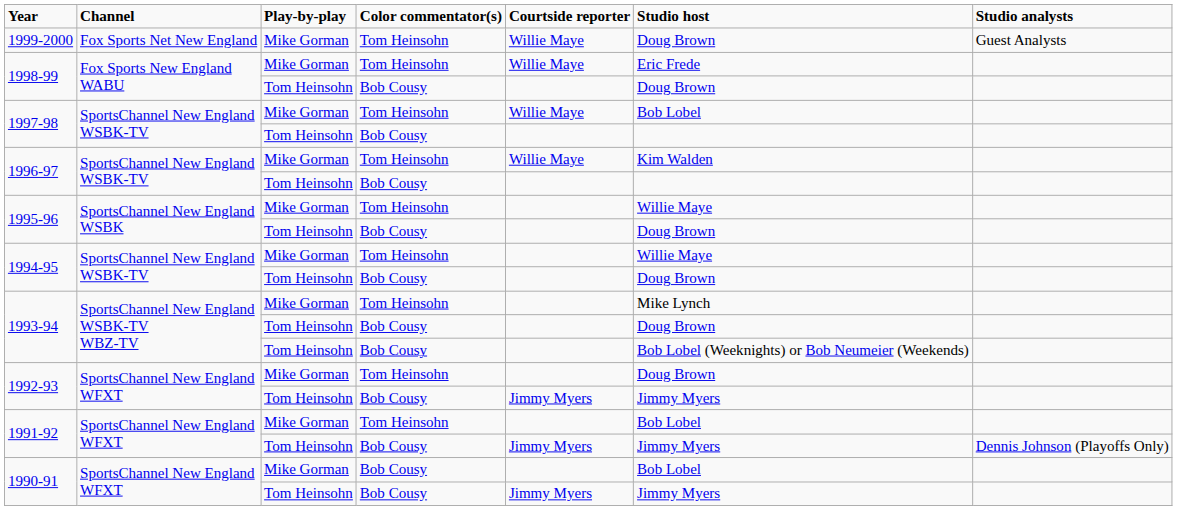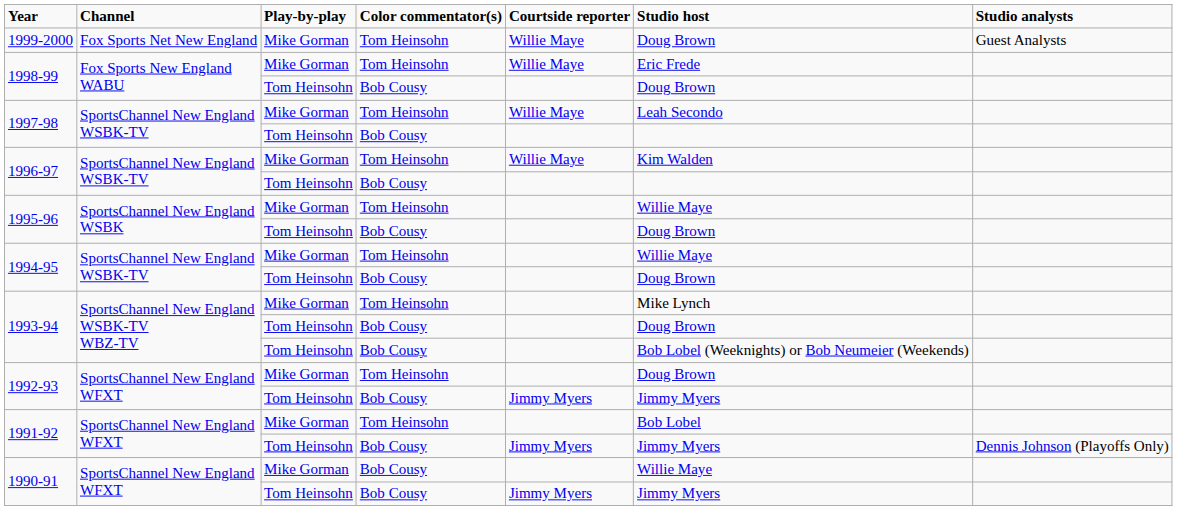 <table class="wikitable">
 <tr>
 <td><strong>Year</strong></td>
 <td><strong>Channel</strong></td>
 <td><strong>Play-by-play</strong></td>
 <td><strong>Color commentator(s)</strong></td>
 <td><strong>Courtside reporter</strong></td>
 <td><strong>Studio host</strong></td>
 <td><strong>Studio analysts</strong></td>
 </tr>
 <tr>
 <td><a href='#'>1999-2000</a></td>
 <td><a href='#'>Fox Sports Net New England</a></td>
 <td><a href='#'>Mike Gorman</a></td>
 <td><a href='#'>Tom Heinsohn</a></td>
 <td><a href='#'>Willie Maye</a></td>
 <td><a href='#'>Doug Brown</a></td>
 <td>Guest Analysts</td>
 </tr>
 <tr>
 <td rowspan=2><a href='#'>1998-99</a></td>
 <td rowspan=2><a href='#'>Fox Sports New England</a><br><a href='#'>WABU</a></td>
 <td><a href='#'>Mike Gorman</a></td>
 <td><a href='#'>Tom Heinsohn</a></td>
 <td><a href='#'>Willie Maye</a></td>
 <td><a href='#'>Eric Frede</a></td>
 <td></td>
 </tr>
 <tr>
 <td><a href='#'>Tom Heinsohn</a></td>
 <td><a href='#'>Bob Cousy</a></td>
 <td></td>
 <td><a href='#'>Doug Brown</a></td>
 <td></td>
 </tr>
 <tr>
 <td rowspan=2><a href='#'>1997-98</a></td>
 <td rowspan=2><a href='#'>SportsChannel New England</a><br><a href='#'>WSBK-TV</a></td>
 <td><a href='#'>Mike Gorman</a></td>
 <td><a href='#'>Tom Heinsohn</a></td>
 <td><a href='#'>Willie Maye</a></td>
-<td><a href='#'>Bob Lobel</a></td>
+<td><a href='#'>Leah Secondo</a></td>
 <td></td>
 </tr>
 <tr>
 <td><a href='#'>Tom Heinsohn</a></td>
 <td><a href='#'>Bob Cousy</a></td>
 <td></td>
 <td></td>
 <td></td>
 </tr>
 <tr>
 <td rowspan=2><a href='#'>1996-97</a></td>
 <td rowspan=2><a href='#'>SportsChannel New England</a><br><a href='#'>WSBK-TV</a></td>
 <td><a href='#'>Mike Gorman</a></td>
 <td><a href='#'>Tom Heinsohn</a></td>
 <td><a href='#'>Willie Maye</a></td>
 <td><a href='#'>Kim Walden</a></td>
 <td></td>
 </tr>
 <tr>
 <td><a href='#'>Tom Heinsohn</a></td>
 <td><a href='#'>Bob Cousy</a></td>
 <td></td>
 <td></td>
 <td></td>
 </tr>
 <tr>
 <td rowspan=2><a href='#'>1995-96</a></td>
 <td rowspan=2><a href='#'>SportsChannel New England</a><br><a href='#'>WSBK</a></td>
 <td><a href='#'>Mike Gorman</a></td>
 <td><a href='#'>Tom Heinsohn</a></td>
 <td></td>
 <td><a href='#'>Willie Maye</a></td>
 <td></td>
 </tr>
 <tr>
 <td><a href='#'>Tom Heinsohn</a></td>
 <td><a href='#'>Bob Cousy</a></td>
 <td></td>
 <td><a href='#'>Doug Brown</a></td>
 <td></td>
 </tr>
 <tr>
 <td rowspan=2><a href='#'>1994-95</a></td>
 <td rowspan=2><a href='#'>SportsChannel New England</a><br><a href='#'>WSBK-TV</a></td>
 <td><a href='#'>Mike Gorman</a></td>
 <td><a href='#'>Tom Heinsohn</a></td>
 <td></td>
 <td><a href='#'>Willie Maye</a></td>
 <td></td>
 </tr>
 <tr>
 <td><a href='#'>Tom Heinsohn</a></td>
 <td><a href='#'>Bob Cousy</a></td>
 <td></td>
 <td><a href='#'>Doug Brown</a></td>
 <td></td>
 </tr>
 <tr>
 <td rowspan=3><a href='#'>1993-94</a></td>
 <td rowspan=3><a href='#'>SportsChannel New England</a><br><a href='#'>WSBK-TV</a><br><a href='#'>WBZ-TV</a></td>
 <td><a href='#'>Mike Gorman</a></td>
 <td><a href='#'>Tom Heinsohn</a></td>
 <td></td>
 <td>Mike Lynch</td>
 <td></td>
 </tr>
 <tr>
 <td><a href='#'>Tom Heinsohn</a></td>
 <td><a href='#'>Bob Cousy</a></td>
 <td></td>
 <td><a href='#'>Doug Brown</a></td>
 <td></td>
 </tr>
 <tr>
 <td><a href='#'>Tom Heinsohn</a></td>
 <td><a href='#'>Bob Cousy</a></td>
 <td></td>
 <td><a href='#'>Bob Lobel</a> (Weeknights) or <a href='#'>Bob Neumeier</a> (Weekends) </td>
 <td></td>
 </tr>
 <tr>
 <td rowspan=2><a href='#'>1992-93</a></td>
 <td rowspan=2><a href='#'>SportsChannel New England</a><br><a href='#'>WFXT</a></td>
 <td><a href='#'>Mike Gorman</a></td>
 <td><a href='#'>Tom Heinsohn</a></td>
 <td></td>
 <td><a href='#'>Doug Brown</a></td>
 <td></td>
 </tr>
 <tr>
 <td><a href='#'>Tom Heinsohn</a></td>
 <td><a href='#'>Bob Cousy</a></td>
 <td><a href='#'>Jimmy Myers</a></td>
 <td><a href='#'>Jimmy Myers</a></td>
 <td></td>
 </tr>
 <tr>
 <td rowspan=2><a href='#'>1991-92</a></td>
 <td rowspan=2><a href='#'>SportsChannel New England</a><br><a href='#'>WFXT</a></td>
 <td><a href='#'>Mike Gorman</a></td>
 <td><a href='#'>Tom Heinsohn</a></td>
 <td></td>
 <td><a href='#'>Bob Lobel</a></td>
 <td></td>
 </tr>
 <tr>
 <td><a href='#'>Tom Heinsohn</a></td>
 <td><a href='#'>Bob Cousy</a></td>
 <td><a href='#'>Jimmy Myers</a></td>
 <td><a href='#'>Jimmy Myers</a></td>
 <td><a href='#'>Dennis Johnson</a> (Playoffs Only)</td>
 </tr>
 <tr>
 <td rowspan=2><a href='#'>1990-91</a></td>
 <td rowspan=2><a href='#'>SportsChannel New England</a><br><a href='#'>WFXT</a></td>
 <td><a href='#'>Mike Gorman</a></td>
 <td><a href='#'>Bob Cousy</a></td>
 <td></td>
-<td><a href='#'>Bob Lobel</a></td>
+<td><a href='#'>Willie Maye</a></td>
 <td></td>
 </tr>
 <tr>
 <td><a href='#'>Tom Heinsohn</a></td>
 <td><a href='#'>Bob Cousy</a></td>
 <td><a href='#'>Jimmy Myers</a></td>
 <td><a href='#'>Jimmy Myers</a></td>
 <td></td>
 </tr>
 </table>
